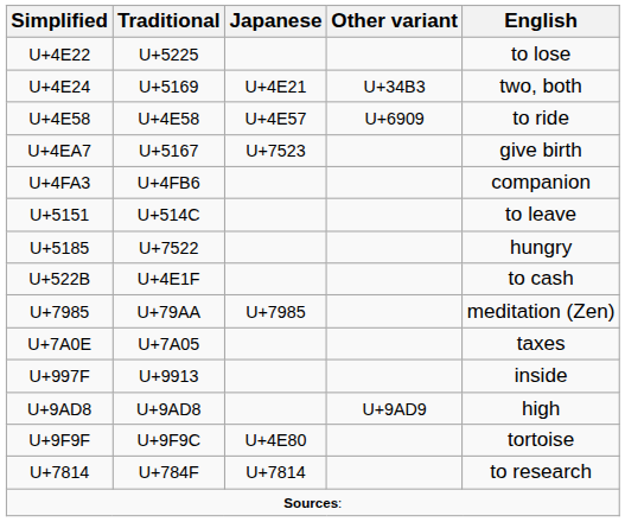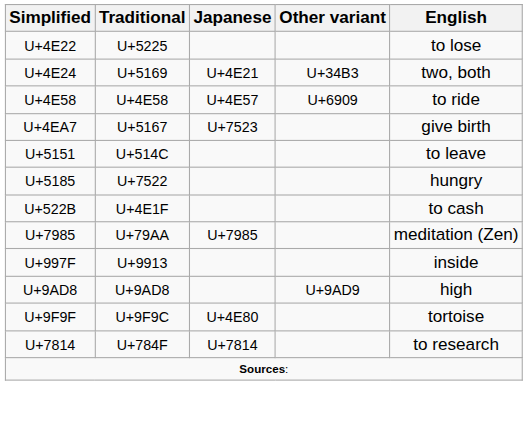 <table class="wikitable" style="font:xx-large/normal sans-serif; text-align:center; margin:0.5em auto;">
 <tr style="font-size: medium;">
 <th>Simplified</th>
 <th>Traditional</th>
 <th>Japanese</th>
 <th>Other variant</th>
 <th>English</th>
 </tr>
 <tr>
 <td style="font-size: medium;"><small>U+4E22</small><br><big></big></td>
 <td style="font-size: medium;"><small>U+5225</small><br><big></big></td>
 <td></td>
 <td></td>
 <td style="font-size: medium;">to lose</td>
 </tr>
 <tr>
 <td style="font-size: medium;"><small>U+4E24</small><br><big></big></td>
 <td style="font-size: medium;"><small>U+5169</small><br><big></big></td>
 <td style="font-size: medium;"><small>U+4E21</small><br><big></big></td>
 <td style="font-size: medium;"><small>U+34B3</small><br><big></big></td>
 <td style="font-size: medium;">two, both</td>
 </tr>
 <tr>
 <td style="font-size: medium;"><small>U+4E58</small><br><big></big></td>
 <td style="font-size: medium;"><small>U+4E58</small><br><big></big></td>
 <td style="font-size: medium;"><small>U+4E57</small><br><big></big></td>
 <td style="font-size: medium;"><small>U+6909</small><br><big></big></td>
 <td style="font-size: medium;">to ride</td>
 </tr>
 <tr>
 <td style="font-size: medium;"><small>U+4EA7</small><br><big></big></td>
 <td style="font-size: medium;"><small>U+5167</small><br><big></big></td>
 <td style="font-size: medium;"><small>U+7523</small><br><big></big></td>
 <td></td>
 <td style="font-size: medium;">give birth</td>
 </tr>
 <tr>
-<td style="font-size: medium;"><small>U+4FA3</small><br><big></big></td>
-<td style="font-size: medium;"><small>U+4FB6</small><br><big></big></td>
-<td></td>
-<td></td>
-<td style="font-size: medium;">companion</td>
-</tr>
-<tr>
 <td style="font-size: medium;"><small>U+5151</small><br><big></big></td>
 <td style="font-size: medium;"><small>U+514C</small><br><big></big></td>
 <td></td>
 <td></td>
 <td style="font-size: medium;">to leave</td>
 </tr>
 <tr>
 <td style="font-size: medium;"><small>U+5185</small><br><big></big></td>
 <td style="font-size: medium;"><small>U+7522</small><br><big></big></td>
 <td></td>
 <td></td>
 <td style="font-size: medium;">hungry</td>
 </tr>
 <tr>
 <td style="font-size: medium;"><small>U+522B</small><br><big></big></td>
 <td style="font-size: medium;"><small>U+4E1F</small><br><big></big></td>
 <td></td>
 <td></td>
 <td style="font-size: medium;">to cash</td>
 </tr>
 <tr>
 <td style="font-size: medium;"><small>U+7985</small><br><big></big></td>
 <td style="font-size: medium;"><small>U+79AA</small><br><big></big></td>
 <td style="font-size: medium;"><small>U+7985</small><br><big></big></td>
 <td></td>
 <td style="font-size: medium;">meditation (Zen)</td>
-</tr>
-<tr>
-<td style="font-size: medium;"><small>U+7A0E</small><br><big></big></td>
-<td style="font-size: medium;"><small>U+7A05</small><br><big></big></td>
-<td></td>
-<td></td>
-<td style="font-size: medium;">taxes</td>
 </tr>
 <tr>
 <td style="font-size: medium;"><small>U+997F</small><br><big></big></td>
 <td style="font-size: medium;"><small>U+9913</small><br><big></big></td>
 <td></td>
 <td></td>
 <td style="font-size: medium;">inside</td>
 </tr>
 <tr>
 <td style="font-size: medium;"><small>U+9AD8</small><br><big></big></td>
 <td style="font-size: medium;"><small>U+9AD8</small><br><big></big></td>
 <td></td>
 <td style="font-size: medium;"><small>U+9AD9</small><br><big></big></td>
 <td style="font-size: medium;">high</td>
 </tr>
 <tr>
 <td style="font-size: medium;"><small>U+9F9F</small><br><big></big></td>
 <td style="font-size: medium;"><small>U+9F9C</small><br><big></big></td>
 <td style="font-size: medium;"><small>U+4E80</small><br><big></big></td>
 <td></td>
 <td style="font-size: medium;">tortoise</td>
 </tr>
 <tr>
 <td style="font-size: medium;"><small>U+7814</small><br><big></big></td>
 <td style="font-size: medium;"><small>U+784F</small><br><big></big></td>
 <td style="font-size: medium;"><small>U+7814</small><br><big></big></td>
 <td></td>
 <td style="font-size: medium;">to research</td>
 </tr>
 <tr>
 <td style="font-size: small;" colspan="5"><small><strong>Sources</strong>: </small></td>
 </tr>
 </table>
